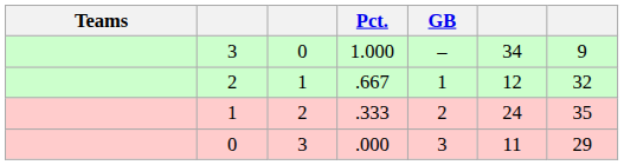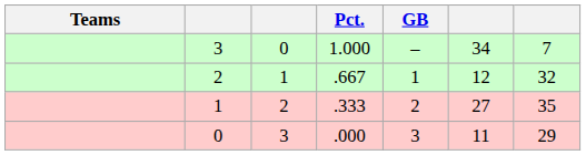 <table class="wikitable" style="text-align:center;">
 <tr>
 <th width=150px>Teams</th>
 <th width=50px></th>
 <th width=50px></th>
 <th width=50px><a href='#'>Pct.</a></th>
 <th width=50px><a href='#'>GB</a></th>
 <th width=50px></th>
 <th width=50px></th>
 </tr>
 <tr style="background-color:#cfc">
 <td align=left></td>
 <td>3</td>
 <td>0</td>
 <td>1.000</td>
 <td>–</td>
 <td>34</td>
-<td>9</td>
+<td>7</td>
 </tr>
 <tr style="background-color:#cfc">
 <td align=left></td>
 <td>2</td>
 <td>1</td>
 <td>.667</td>
 <td>1</td>
 <td>12</td>
 <td>32</td>
 </tr>
 <tr style="background-color:#fcc">
 <td align=left></td>
 <td>1</td>
 <td>2</td>
 <td>.333</td>
 <td>2</td>
-<td>24</td>
+<td>27</td>
 <td>35</td>
 </tr>
 <tr style="background-color:#fcc">
 <td align=left></td>
 <td>0</td>
 <td>3</td>
 <td>.000</td>
 <td>3</td>
 <td>11</td>
 <td>29</td>
 </tr>
 </table>
